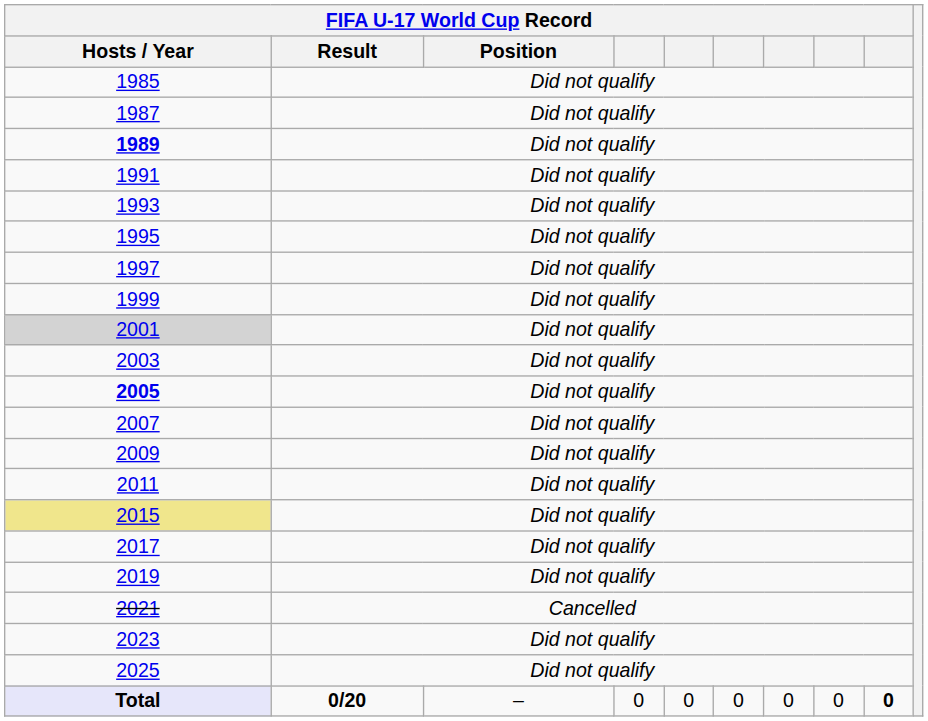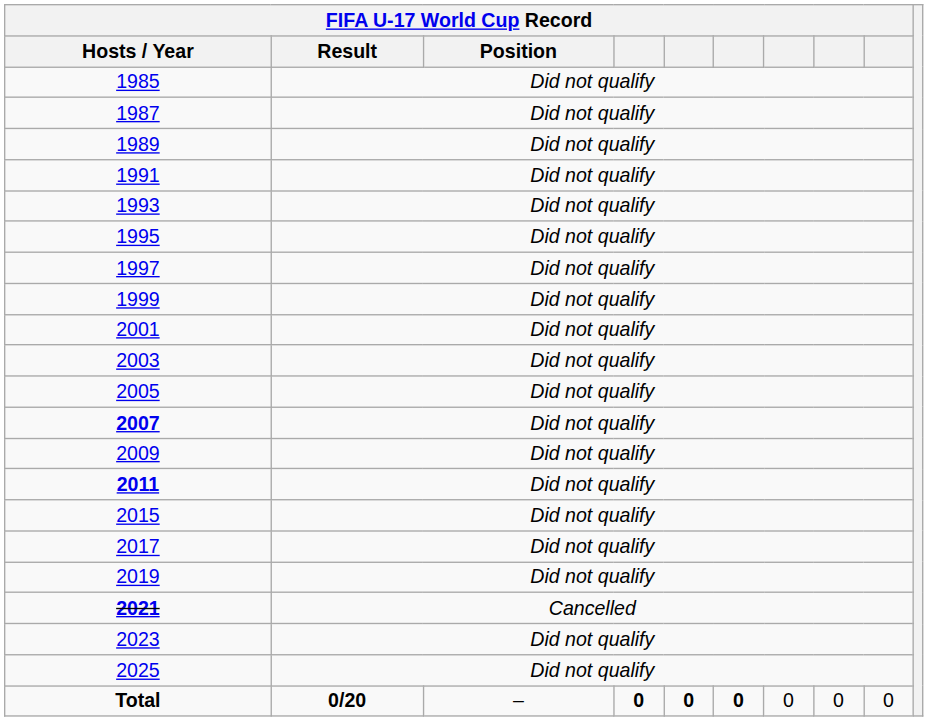 <table class="wikitable" style="text-align: center;font-size:90%;">
 <tr>
 <th colspan=9><a href='#'>FIFA U-17 World Cup</a> Record</th>
 <th width=1% rowspan=50></th>
 </tr>
 <tr>
 <th>Hosts / Year</th>
 <th>Result</th>
 <th>Position</th>
 <th width=30></th>
 <th width=30></th>
 <th width=30></th>
 <th width=30></th>
 <th width=30></th>
 <th width=30></th>
 </tr>
 <tr>
 <td> <a href='#'>1985</a></td>
 <td colspan=8><em>Did not qualify</em></td>
 </tr>
 <tr>
 <td> <a href='#'>1987</a></td>
 <td colspan=8><em>Did not qualify</em></td>
 </tr>
 <tr>
-<td><strong> <a href='#'>1989</a></strong></td>
+<td> <a href='#'>1989</a></td>
 <td colspan=8><em>Did not qualify</em></td>
 </tr>
 <tr>
 <td> <a href='#'>1991</a></td>
 <td colspan=8><em>Did not qualify</em></td>
 </tr>
 <tr>
 <td> <a href='#'>1993</a></td>
 <td colspan=8><em>Did not qualify</em></td>
 </tr>
 <tr>
 <td> <a href='#'>1995</a></td>
 <td colspan=8><em>Did not qualify</em></td>
 </tr>
 <tr>
 <td> <a href='#'>1997</a></td>
 <td colspan=8><em>Did not qualify</em></td>
 </tr>
 <tr>
 <td> <a href='#'>1999</a></td>
 <td colspan=8><em>Did not qualify</em></td>
 </tr>
 <tr>
-<td style="background: lightgrey;"> <a href='#'>2001</a></td>
+<td> <a href='#'>2001</a></td>
 <td colspan=8><em>Did not qualify</em></td>
 </tr>
 <tr>
 <td> <a href='#'>2003</a></td>
 <td colspan=8><em>Did not qualify</em></td>
 </tr>
 <tr>
-<td><strong> <a href='#'>2005</a></strong></td>
+<td> <a href='#'>2005</a></td>
 <td colspan=8><em>Did not qualify</em></td>
 </tr>
 <tr>
-<td> <a href='#'>2007</a></td>
+<td><strong> <a href='#'>2007</a></strong></td>
 <td colspan=8><em>Did not qualify</em></td>
 </tr>
 <tr>
 <td> <a href='#'>2009</a></td>
 <td colspan=8><em>Did not qualify</em></td>
 </tr>
 <tr>
-<td> <a href='#'>2011</a></td>
+<td><strong> <a href='#'>2011</a></strong></td>
 <td colspan=8><em>Did not qualify</em></td>
 </tr>
 <tr>
-<td style="background: khaki;"> <a href='#'>2015</a></td>
+<td> <a href='#'>2015</a></td>
 <td colspan=8><em>Did not qualify</em></td>
 </tr>
 <tr>
 <td> <a href='#'>2017</a></td>
 <td colspan=8><em>Did not qualify</em></td>
 </tr>
 <tr>
 <td> <a href='#'>2019</a></td>
 <td colspan=8><em>Did not qualify</em></td>
 </tr>
 <tr>
-<td> <s><a href='#'>2021</a></s></td>
+<td><strong> <s><a href='#'>2021</a></s></strong></td>
 <td colspan=8><em>Cancelled</em></td>
 </tr>
 <tr>
 <td> <a href='#'>2023</a></td>
 <td colspan=8><em>Did not qualify</em></td>
 </tr>
 <tr>
 <td> <a href='#'>2025</a></td>
 <td colspan=8><em>Did not qualify</em></td>
 </tr>
 <tr>
-<td style="background: lavender;"><strong>Total</strong></td>
+<td><strong>Total</strong></td>
 <td><strong>0/20</strong></td>
 <td>–</td>
+<td><strong>0</strong></td>
+<td><strong>0</strong></td>
+<td><strong>0</strong></td>
 <td>0</td>
 <td>0</td>
 <td>0</td>
-<td>0</td>
-<td>0</td>
-<td><strong>0</strong></td>
 </tr>
 </table>
